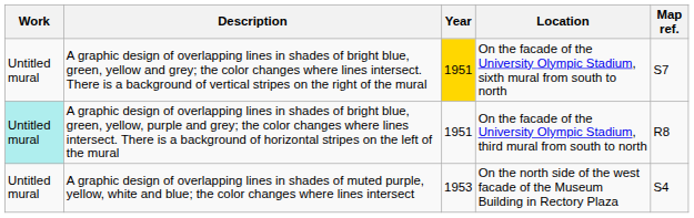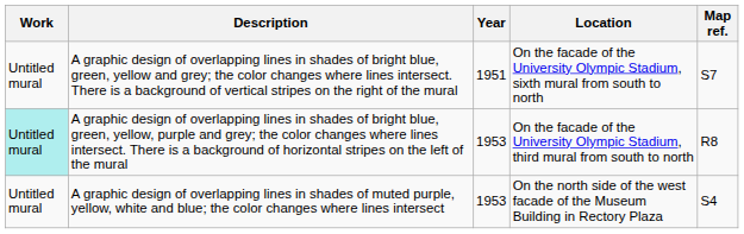 <table class="wikitable mw-collapsible">
 <tr>
 <th>Work</th>
 <th>Description</th>
 <th>Year</th>
 <th>Location</th>
 <th>Map ref.</th>
 </tr>
 <tr>
 <td>Untitled mural</td>
 <td>A graphic design of overlapping lines in shades of bright blue, green, yellow and grey; the color changes where lines intersect. There is a background of vertical stripes on the right of the mural</td>
-<td style="background: gold;">1951</td>
+<td>1951</td>
 <td>On the facade of the <a href='#'>University Olympic Stadium</a>, sixth mural from south to north</td>
 <td>S7</td>
 </tr>
 <tr>
 <td style="background: paleturquoise;">Untitled mural</td>
 <td>A graphic design of overlapping lines in shades of bright blue, green, yellow, purple and grey; the color changes where lines intersect. There is a background of horizontal stripes on the left of the mural</td>
-<td>1951</td>
+<td>1953</td>
 <td>On the facade of the <a href='#'>University Olympic Stadium</a>, third mural from south to north</td>
 <td>R8</td>
 </tr>
 <tr>
 <td>Untitled mural</td>
 <td>A graphic design of overlapping lines in shades of muted purple, yellow, white and blue; the color changes where lines intersect</td>
 <td>1953</td>
 <td>On the north side of the west facade of the Museum Building in Rectory Plaza</td>
 <td>S4</td>
 </tr>
 </table>
